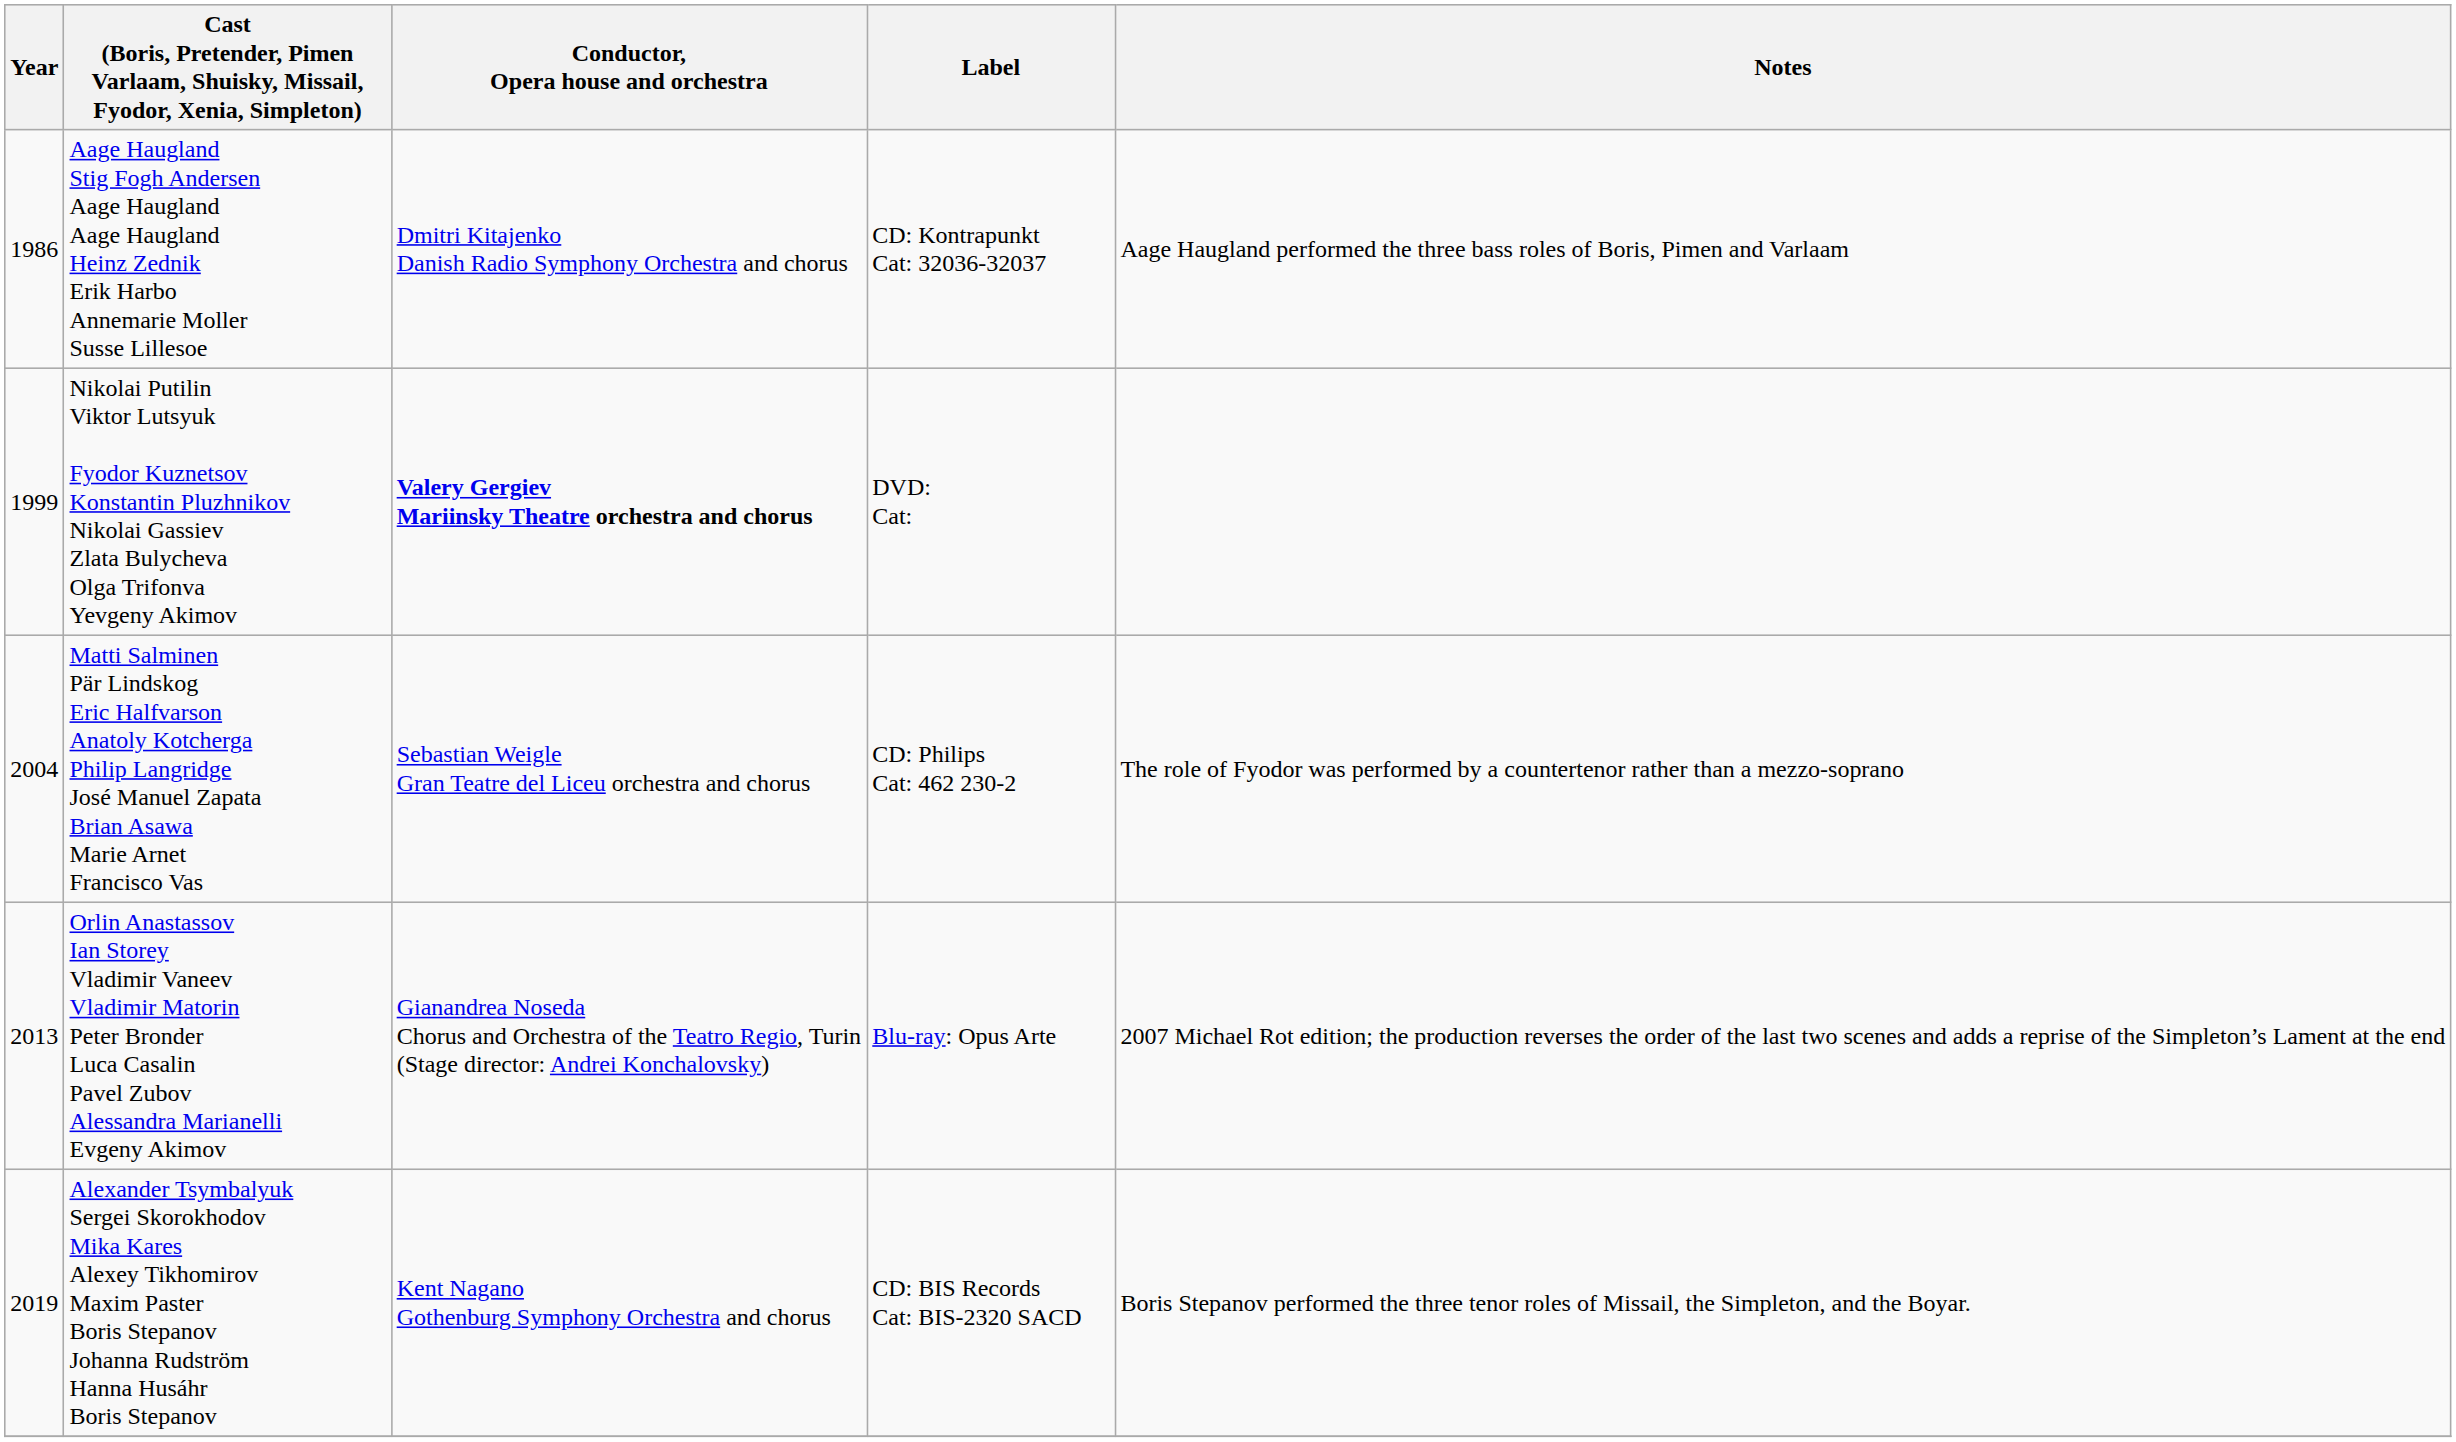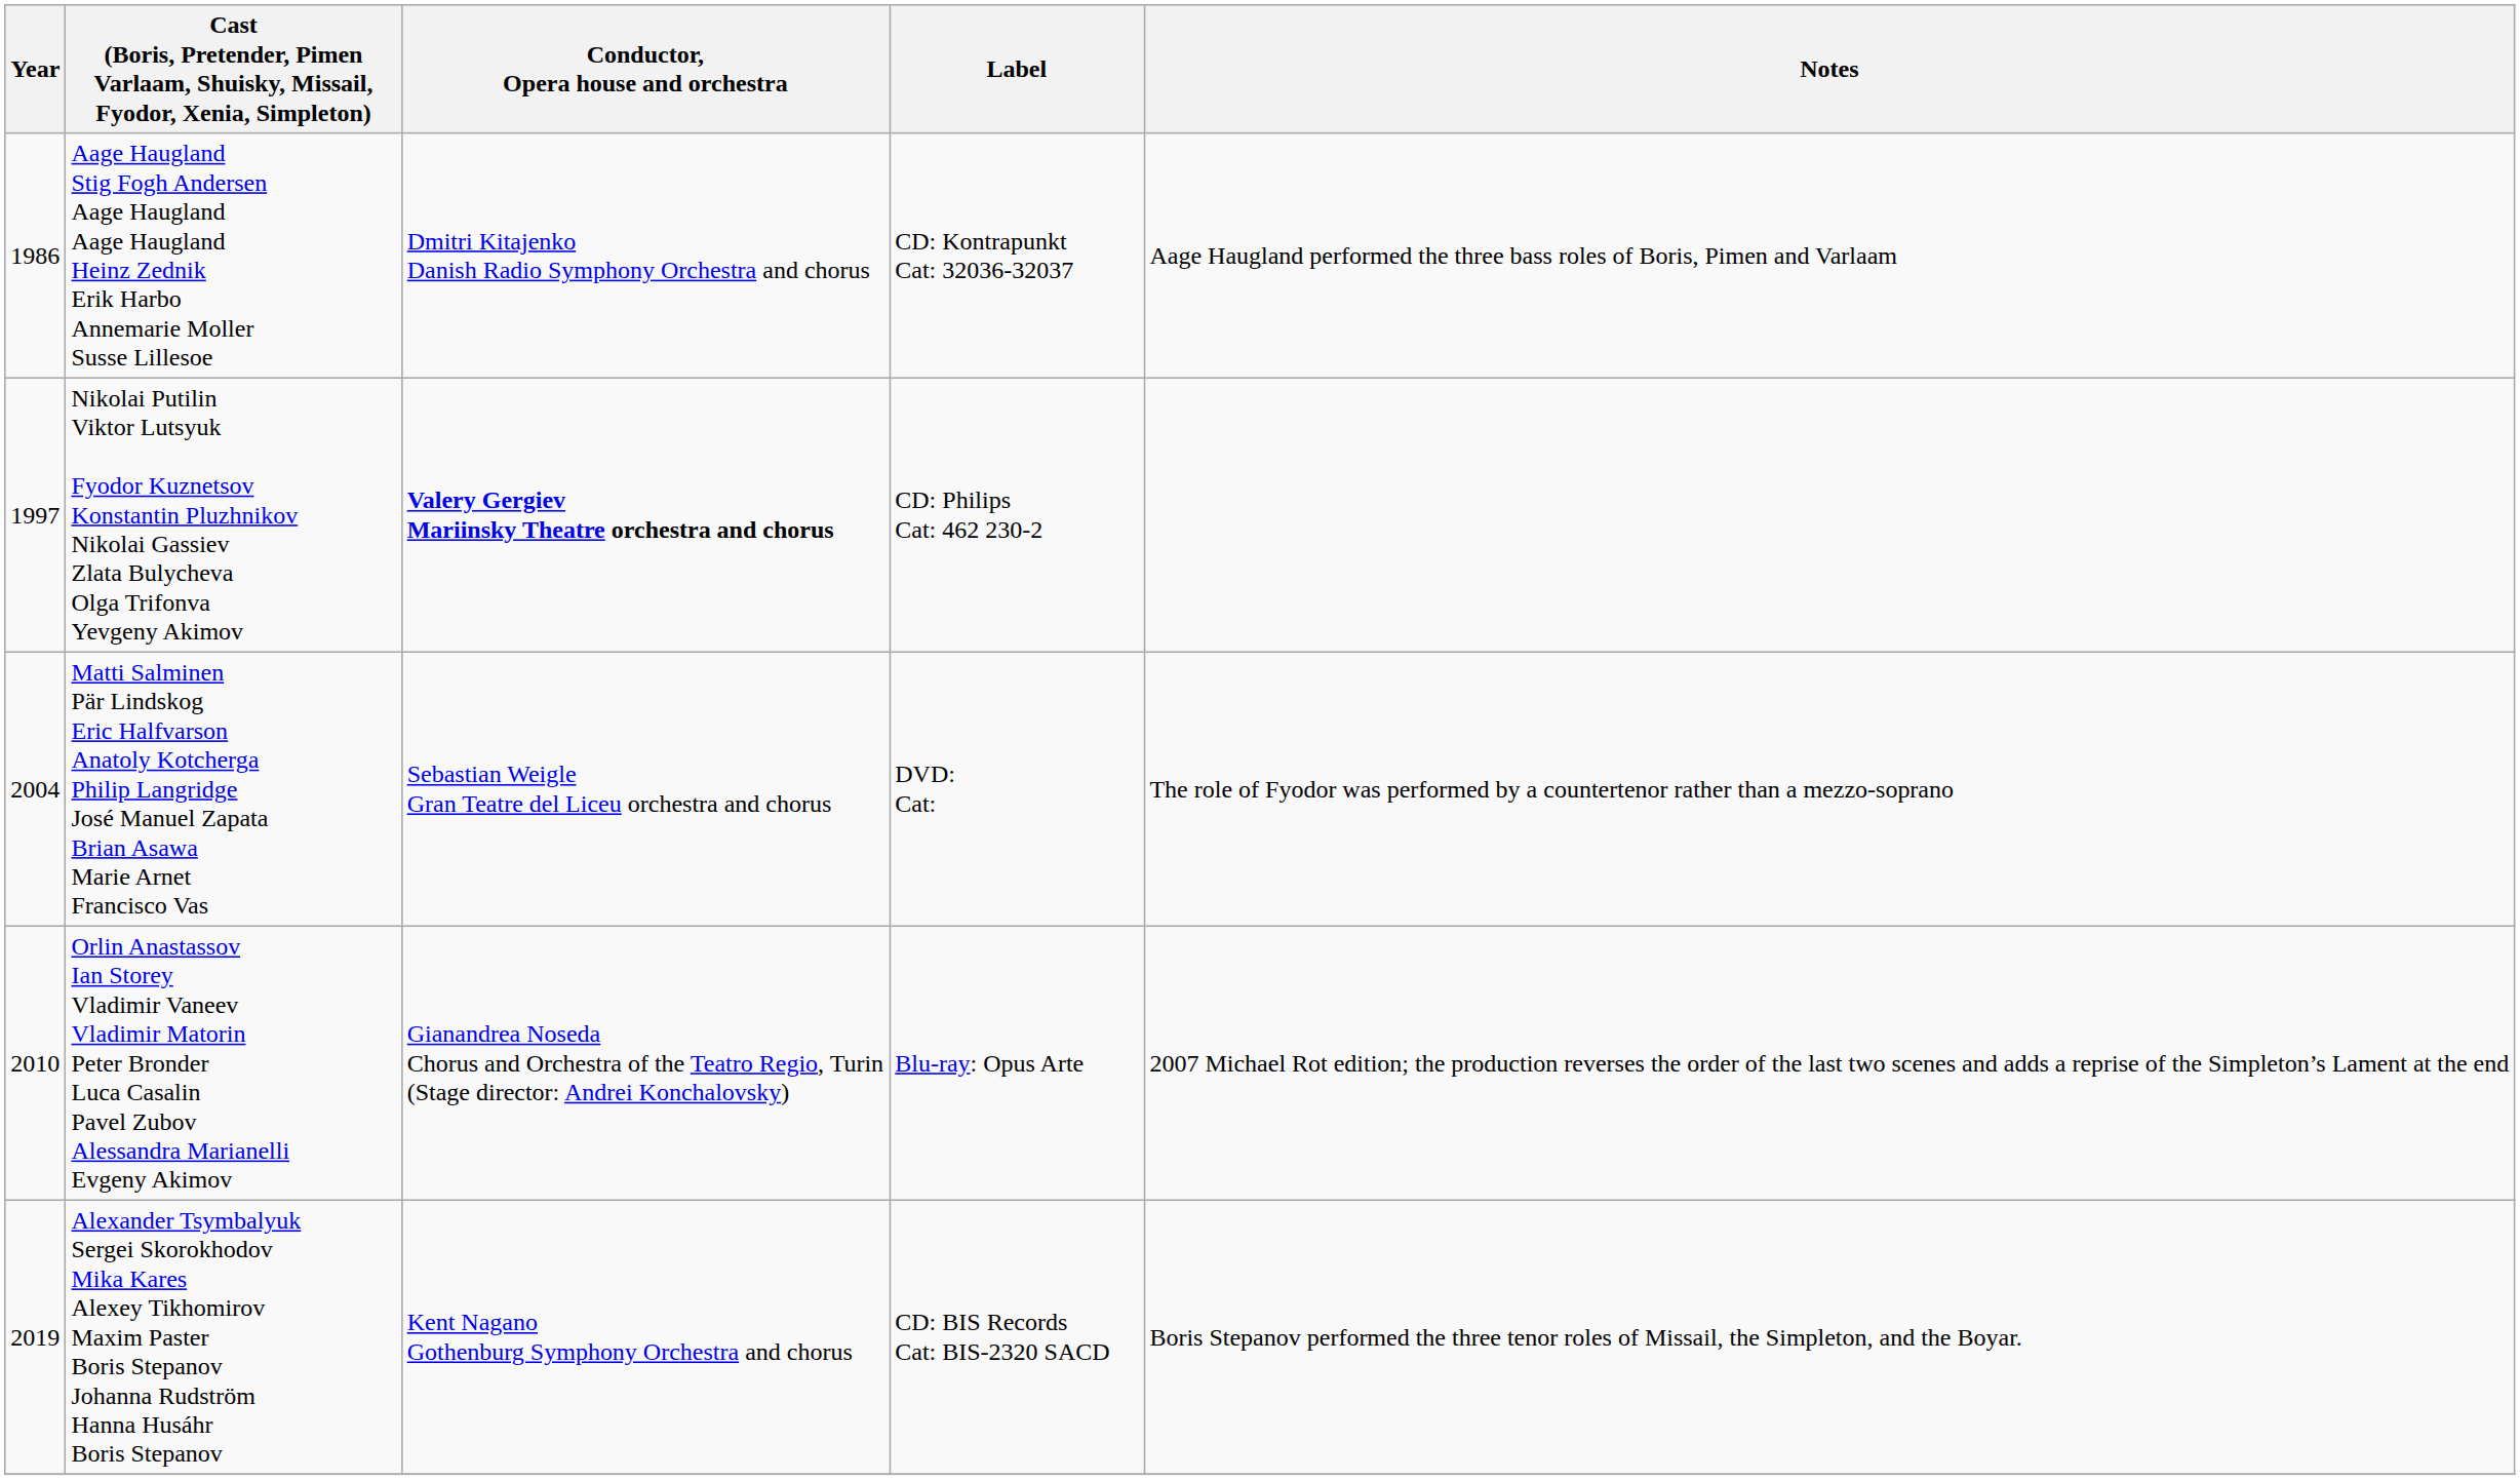 <table class="wikitable" style="font-size:95%;">
 <tr>
 <th>Year</th>
 <th width="200">Cast<br>(Boris, Pretender, Pimen Varlaam, Shuisky, Missail, Fyodor, Xenia, Simpleton)</th>
 <th>Conductor,<br>Opera house and orchestra</th>
 <th width="150">Label</th>
 <th>Notes</th>
 </tr>
 <tr>
 <td>1986</td>
 <td><a href='#'>Aage Haugland</a><br><a href='#'>Stig Fogh Andersen</a><br>Aage Haugland<br>Aage Haugland<br><a href='#'>Heinz Zednik</a><br>Erik Harbo<br>Annemarie Moller<br>Susse Lillesoe</td>
 <td><a href='#'>Dmitri Kitajenko</a><br><a href='#'>Danish Radio Symphony Orchestra</a> and chorus</td>
 <td>CD: Kontrapunkt<br>Cat: 32036-32037</td>
 <td>Aage Haugland performed the three bass roles of Boris, Pimen and Varlaam</td>
 </tr>
 <tr>
-<td>1999</td>
+<td>1997</td>
 <td>Nikolai Putilin<br>Viktor Lutsyuk<br><br><a href='#'>Fyodor Kuznetsov</a><br><a href='#'>Konstantin Pluzhnikov</a><br>Nikolai Gassiev<br>Zlata Bulycheva<br>Olga Trifonva<br>Yevgeny Akimov</td>
 <td><strong><a href='#'>Valery Gergiev</a><br><a href='#'>Mariinsky Theatre</a> orchestra and chorus</strong></td>
-<td>DVD:  <br>Cat:</td>
+<td>CD: Philips<br>Cat: 462 230-2</td>
 <td></td>
 </tr>
 <tr>
 <td>2004</td>
 <td><a href='#'>Matti Salminen</a><br>Pär Lindskog<br><a href='#'>Eric Halfvarson</a><br><a href='#'>Anatoly Kotcherga</a><br><a href='#'>Philip Langridge</a><br>José Manuel Zapata<br><a href='#'>Brian Asawa</a><br>Marie Arnet<br>Francisco Vas</td>
 <td><a href='#'>Sebastian Weigle</a><br><a href='#'>Gran Teatre del Liceu</a> orchestra and chorus</td>
-<td>CD: Philips<br>Cat: 462 230-2</td>
+<td>DVD:  <br>Cat:</td>
 <td>The role of Fyodor was performed by a countertenor rather than a mezzo-soprano</td>
 </tr>
 <tr>
-<td>2013</td>
+<td>2010</td>
 <td><a href='#'>Orlin Anastassov</a><br><a href='#'>Ian Storey</a><br>Vladimir Vaneev<br><a href='#'>Vladimir Matorin</a><br>Peter Bronder<br>Luca Casalin<br>Pavel Zubov<br><a href='#'>Alessandra Marianelli</a><br>Evgeny Akimov</td>
 <td><a href='#'>Gianandrea Noseda</a><br>Chorus and Orchestra of the <a href='#'>Teatro Regio</a>, Turin<br>(Stage director: <a href='#'>Andrei Konchalovsky</a>)</td>
 <td><a href='#'>Blu-ray</a>: Opus Arte</td>
 <td>2007 Michael Rot edition; the production reverses the order of the last two scenes and adds a reprise of the Simpleton’s Lament at the end</td>
 </tr>
 <tr>
 <td>2019</td>
 <td><a href='#'>Alexander Tsymbalyuk</a><br>Sergei Skorokhodov<br><a href='#'>Mika Kares</a><br>Alexey Tikhomirov<br>Maxim Paster<br>Boris Stepanov<br>Johanna Rudström<br>Hanna Husáhr<br>Boris Stepanov</td>
 <td><a href='#'>Kent Nagano</a><br><a href='#'>Gothenburg Symphony Orchestra</a> and chorus</td>
 <td>CD: BIS Records<br>Cat: BIS-2320 SACD</td>
 <td>Boris Stepanov performed the three tenor roles of Missail, the Simpleton, and the Boyar.</td>
 </tr>
 <tr>
 </tr>
 </table>
